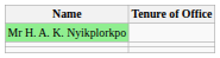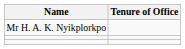 <table class="wikitable">
 <tr>
 <th>Name</th>
 <th>Tenure of Office</th>
 </tr>
 <tr>
-<td style="background: lightgreen;">Mr H. A. K. Nyikplorkpo</td>
+<td>Mr H. A. K. Nyikplorkpo</td>
 <td></td>
 </tr>
 <tr>
 <td></td>
 <td></td>
 </tr>
 <tr>
 <td></td>
 <td></td>
 </tr>
 </table>
